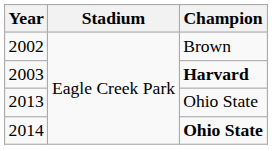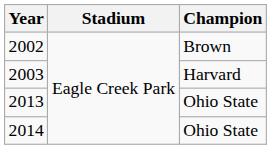 <table class="wikitable">
 <tr>
 <th>Year</th>
 <th>Stadium</th>
 <th>Champion</th>
 </tr>
 <tr>
 <td>2002</td>
 <td rowspan="4">Eagle Creek Park</td>
 <td>Brown</td>
 </tr>
 <tr>
 <td>2003</td>
-<td><strong>Harvard</strong></td>
+<td>Harvard</td>
 </tr>
 <tr>
 <td>2013</td>
 <td>Ohio State</td>
 </tr>
 <tr>
 <td>2014</td>
-<td><strong>Ohio State</strong></td>
+<td>Ohio State</td>
 </tr>
 </table>
